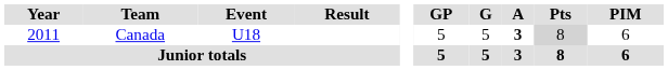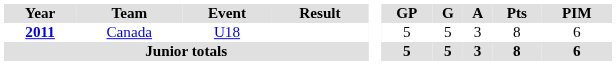 <table border="0" cellpadding="1" cellspacing="0" style="text-align:center; width:40em">
 <tr ALIGN="centre" bgcolor="#e0e0e0">
 <th>Year</th>
 <th>Team</th>
 <th>Event</th>
 <th>Result</th>
 <th rowspan="99" bgcolor="#ffffff"> </th>
 <th>GP</th>
 <th>G</th>
 <th>A</th>
 <th>Pts</th>
 <th>PIM</th>
 </tr>
 <tr>
-<td><a href='#'>2011</a></td>
+<td><strong><a href='#'>2011</a></strong></td>
 <td><a href='#'>Canada</a></td>
 <td><a href='#'>U18</a></td>
 <td></td>
 <td>5</td>
 <td>5</td>
-<td><strong>3</strong></td>
-<td style="background: lightgrey;">8</td>
+<td>3</td>
+<td>8</td>
 <td>6</td>
 </tr>
 <tr style="background:#e0e0e0;">
 <th colspan=4>Junior totals</th>
 <th>5</th>
 <th>5</th>
 <th>3</th>
 <th>8</th>
 <th>6</th>
 </tr>
 </table>
